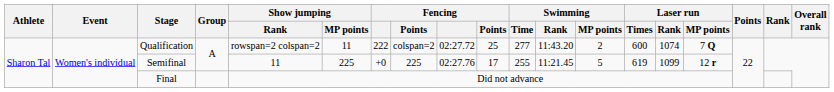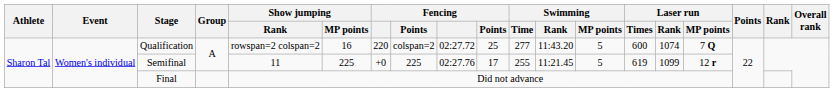 <table class="wikitable" style="text-align:center; font-size:90%">
 <tr>
 <th rowspan=2>Athlete</th>
 <th rowspan=2>Event</th>
 <th rowspan=2>Stage</th>
 <th rowspan=2>Group</th>
 <th colspan=2>Show jumping</th>
 <th colspan=4>Fencing</th>
 <th colspan=3>Swimming</th>
 <th colspan=3>Laser run</th>
 <th rowspan=2>Points</th>
 <th rowspan=2>Rank</th>
 <th rowspan=2>Overall<br>rank</th>
 </tr>
 <tr>
 <th>Rank</th>
 <th>MP points</th>
 <th></th>
 <th>Points</th>
 <th></th>
 <th>Points</th>
 <th>Time</th>
 <th>Rank</th>
 <th>MP points</th>
 <th>Times</th>
 <th>Rank</th>
 <th>MP points</th>
 </tr>
 <tr>
 <td align=left rowspan=3><a href='#'>Sharon Tal</a></td>
 <td align=left rowspan=3><a href='#'>Women's individual</a></td>
 <td>Qualification</td>
 <td rowspan=2>A</td>
 <td>rowspan=2 colspan=2 </td>
-<td>11</td>
-<td>222</td>
+<td>16</td>
+<td>220</td>
 <td>colspan=2 </td>
 <td>02:27.72</td>
 <td>25</td>
 <td>277</td>
 <td>11:43.20</td>
-<td>2</td>
+<td>5</td>
 <td>600</td>
 <td>1074</td>
 <td>7 <strong>Q</strong></td>
 <td rowspan=3>22</td>
 </tr>
 <tr>
 <td>Semifinal</td>
 <td>11</td>
 <td>225</td>
 <td>+0</td>
 <td>225</td>
 <td>02:27.76</td>
 <td>17</td>
 <td>255</td>
 <td>11:21.45</td>
 <td>5</td>
 <td>619</td>
 <td>1099</td>
 <td>12 <strong>r</strong></td>
 </tr>
 <tr>
 <td>Final</td>
 <td></td>
 <td colspan=14>Did not advance</td>
 </tr>
 </table>
